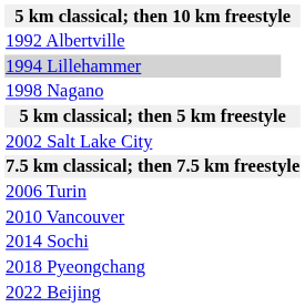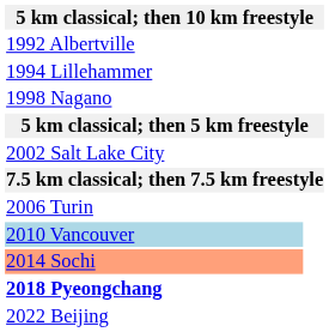 <table>
 <tr>
 <td colspan=4 align=center bgcolor=F0F0F0><strong>5 km classical; then 10 km freestyle</strong></td>
 </tr>
 <tr>
 <td><a href='#'>1992 Albertville</a><br></td>
 <td></td>
 <td></td>
 <td></td>
 </tr>
 <tr>
-<td style="background: lightgrey;"><a href='#'>1994 Lillehammer</a><br></td>
+<td><a href='#'>1994 Lillehammer</a><br></td>
 <td></td>
 <td></td>
 <td></td>
 </tr>
 <tr>
 <td><a href='#'>1998 Nagano</a><br></td>
 <td></td>
 <td></td>
 <td></td>
 </tr>
 <tr>
 <td colspan=4 align=center bgcolor=F0F0F0><strong>5 km classical; then 5 km freestyle</strong></td>
 </tr>
 <tr>
 <td><a href='#'>2002 Salt Lake City</a><br></td>
 <td></td>
 <td></td>
 <td></td>
 </tr>
 <tr>
 <td colspan=4 align=center bgcolor=F0F0F0><strong>7.5 km classical; then 7.5 km freestyle</strong></td>
 </tr>
 <tr>
 <td><a href='#'>2006 Turin</a><br></td>
 <td></td>
 <td></td>
 <td></td>
 </tr>
 <tr>
-<td><a href='#'>2010 Vancouver</a><br></td>
+<td style="background: lightblue;"><a href='#'>2010 Vancouver</a><br></td>
 <td></td>
 <td></td>
 <td></td>
 </tr>
 <tr>
-<td><a href='#'>2014 Sochi</a><br></td>
+<td style="background: lightsalmon;"><a href='#'>2014 Sochi</a><br></td>
 <td></td>
 <td></td>
 <td></td>
 </tr>
 <tr>
-<td><a href='#'>2018 Pyeongchang</a><br></td>
+<td><strong><a href='#'>2018 Pyeongchang</a><br></strong></td>
 <td></td>
 <td></td>
 <td></td>
 </tr>
 <tr>
 <td><a href='#'>2022 Beijing</a> <br></td>
 <td></td>
 <td></td>
 <td></td>
 </tr>
 <tr>
 </tr>
 </table>
